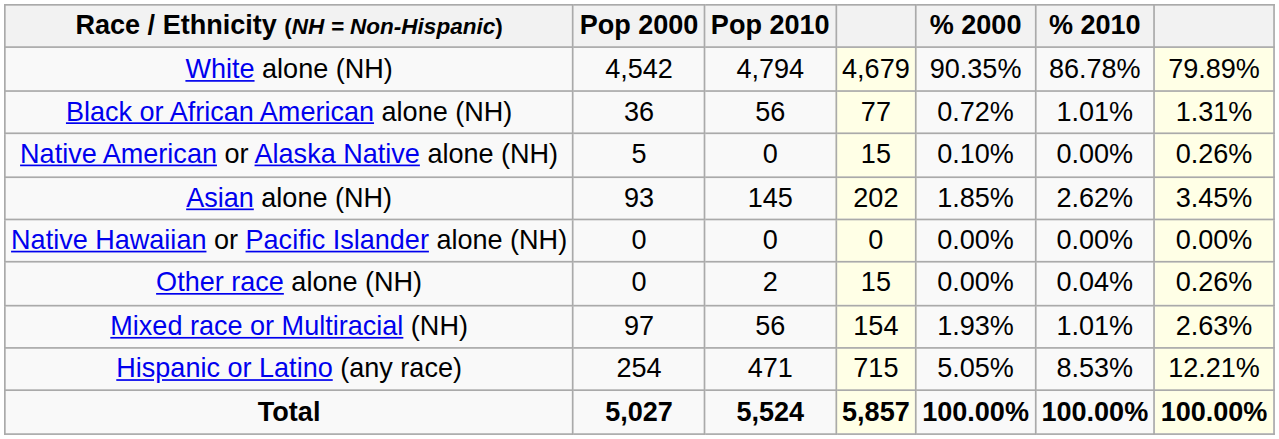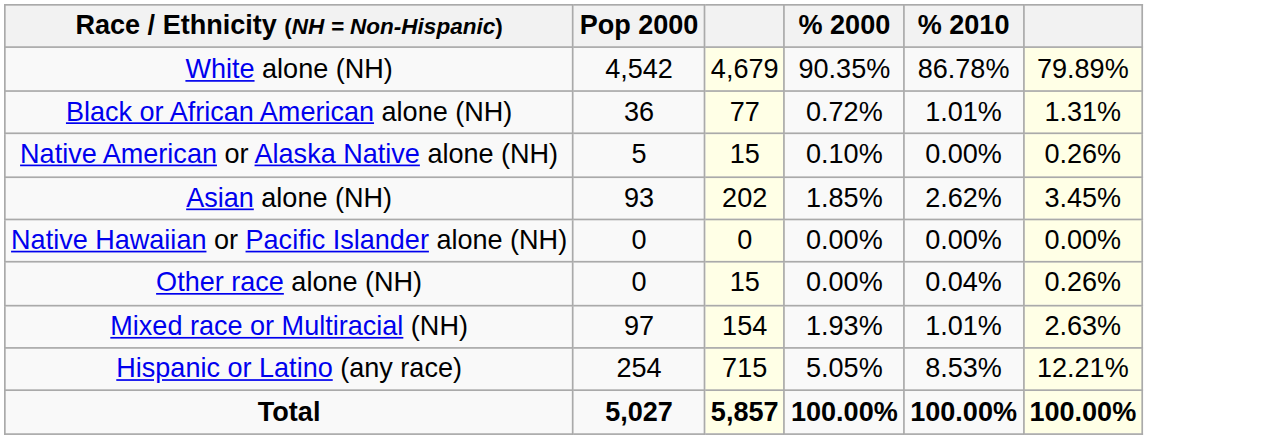 <table class="wikitable" style="text-align:center;">
 <tr>
 <th>Race / Ethnicity <small>(<em>NH = Non-Hispanic</em>)</small></th>
 <th>Pop 2000</th>
-<th>Pop 2010</th>
 <th></th>
 <th>% 2000</th>
 <th>% 2010</th>
 <th></th>
 </tr>
 <tr>
 <td><a href='#'>White</a> alone (NH)</td>
 <td>4,542</td>
-<td>4,794</td>
 <td style='background: #ffffe6;'>4,679</td>
 <td>90.35%</td>
 <td>86.78%</td>
 <td style='background: #ffffe6;'>79.89%</td>
 </tr>
 <tr>
 <td><a href='#'>Black or African American</a> alone (NH)</td>
 <td>36</td>
-<td>56</td>
 <td style='background: #ffffe6;'>77</td>
 <td>0.72%</td>
 <td>1.01%</td>
 <td style='background: #ffffe6;'>1.31%</td>
 </tr>
 <tr>
 <td><a href='#'>Native American</a> or <a href='#'>Alaska Native</a> alone (NH)</td>
 <td>5</td>
-<td>0</td>
 <td style='background: #ffffe6;'>15</td>
 <td>0.10%</td>
 <td>0.00%</td>
 <td style='background: #ffffe6;'>0.26%</td>
 </tr>
 <tr>
 <td><a href='#'>Asian</a> alone (NH)</td>
 <td>93</td>
-<td>145</td>
 <td style='background: #ffffe6;'>202</td>
 <td>1.85%</td>
 <td>2.62%</td>
 <td style='background: #ffffe6;'>3.45%</td>
 </tr>
 <tr>
 <td><a href='#'>Native Hawaiian</a> or <a href='#'>Pacific Islander</a> alone (NH)</td>
-<td>0</td>
 <td>0</td>
 <td style='background: #ffffe6;'>0</td>
 <td>0.00%</td>
 <td>0.00%</td>
 <td style='background: #ffffe6;'>0.00%</td>
 </tr>
 <tr>
 <td><a href='#'>Other race</a> alone (NH)</td>
 <td>0</td>
-<td>2</td>
 <td style='background: #ffffe6;'>15</td>
 <td>0.00%</td>
 <td>0.04%</td>
 <td style='background: #ffffe6;'>0.26%</td>
 </tr>
 <tr>
 <td><a href='#'>Mixed race or Multiracial</a> (NH)</td>
 <td>97</td>
-<td>56</td>
 <td style='background: #ffffe6;'>154</td>
 <td>1.93%</td>
 <td>1.01%</td>
 <td style='background: #ffffe6;'>2.63%</td>
 </tr>
 <tr>
 <td><a href='#'>Hispanic or Latino</a> (any race)</td>
 <td>254</td>
-<td>471</td>
 <td style='background: #ffffe6;'>715</td>
 <td>5.05%</td>
 <td>8.53%</td>
 <td style='background: #ffffe6;'>12.21%</td>
 </tr>
 <tr>
 <td><strong>Total</strong></td>
 <td><strong>5,027</strong></td>
-<td><strong>5,524</strong></td>
 <td style='background: #ffffe6;'><strong>5,857</strong></td>
 <td><strong>100.00%</strong></td>
 <td><strong>100.00%</strong></td>
 <td style='background: #ffffe6;'><strong>100.00%</strong></td>
 </tr>
 </table>
